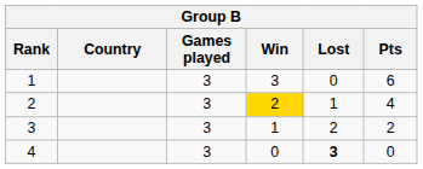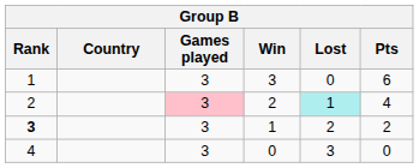 <table class="wikitable" style="text-align: center; Width:50%">
 <tr>
 <th colspan="6">Group B</th>
 </tr>
 <tr>
 <th width="2%">Rank</th>
 <th width="10%">Country</th>
 <th width="5%">Games <br> played</th>
 <th width="5%">Win</th>
 <th width="5%">Lost</th>
 <th width="5%">Pts</th>
 </tr>
 <tr>
 <td>1</td>
 <td style="text-align: left"></td>
 <td>3</td>
 <td>3</td>
 <td>0</td>
 <td>6</td>
 </tr>
 <tr>
 <td>2</td>
 <td style="text-align: left"></td>
-<td>3</td>
-<td style="background: gold;">2</td>
-<td>1</td>
+<td style="background: pink;">3</td>
+<td>2</td>
+<td style="background: paleturquoise;">1</td>
 <td>4</td>
 </tr>
 <tr>
-<td>3</td>
+<td><strong>3</strong></td>
 <td style="text-align: left"></td>
 <td>3</td>
 <td>1</td>
 <td>2</td>
 <td>2</td>
 </tr>
 <tr>
 <td>4</td>
 <td style="text-align: left"></td>
 <td>3</td>
 <td>0</td>
-<td><strong>3</strong></td>
+<td>3</td>
 <td>0</td>
 </tr>
 </table>
